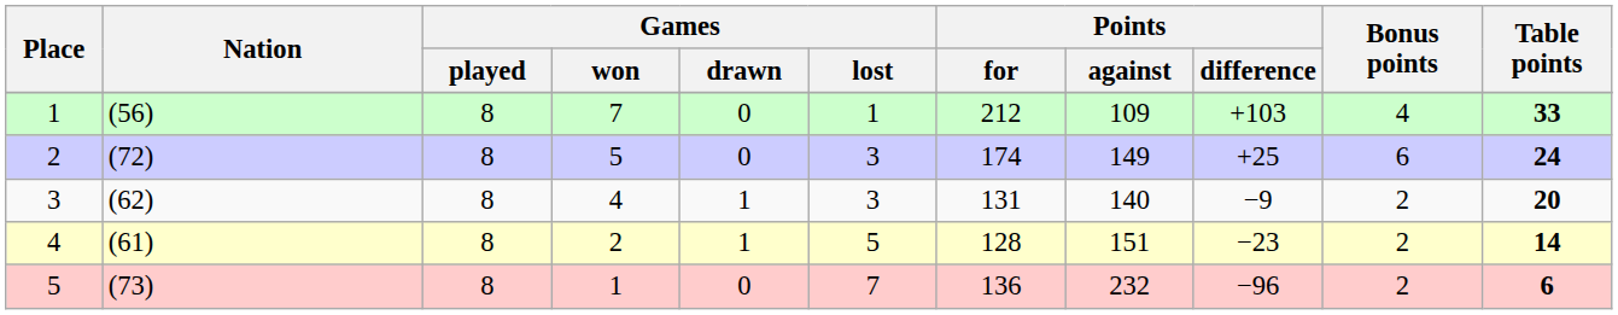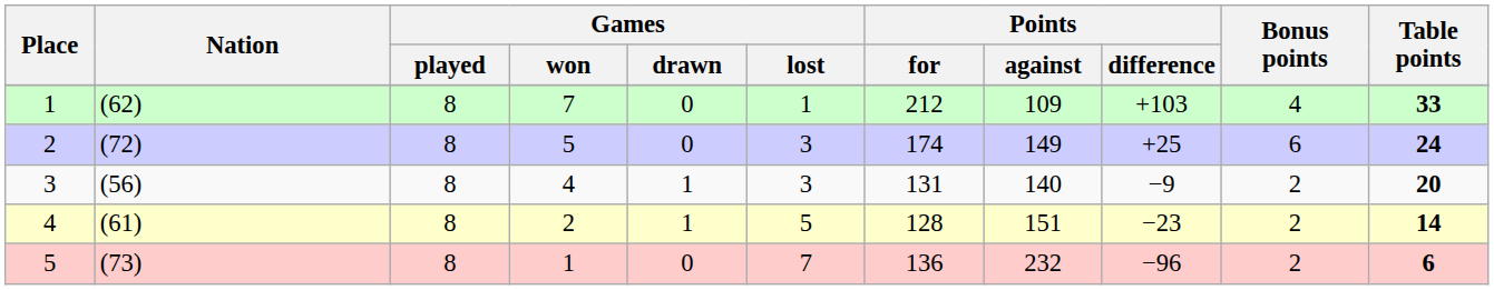 <table class="wikitable">
 <tr>
 <th rowspan=2 width="6%">Place</th>
 <th rowspan=2 width="20%">Nation</th>
 <th colspan=4 width="40%">Games</th>
 <th colspan=3 width="24%">Points</th>
 <th rowspan=2 width="10%">Bonus<br>points</th>
 <th rowspan=2 width="10%">Table<br>points</th>
 </tr>
 <tr>
 <th width="8%">played</th>
 <th width="8%">won</th>
 <th width="8%">drawn</th>
 <th width="8%">lost</th>
 <th width="8%">for</th>
 <th width="8%">against</th>
 <th width="8%">difference</th>
 </tr>
 <tr>
 </tr>
 <tr align=center bgcolor="#ccffcc">
 <td>1</td>
-<td align=left> (56)</td>
+<td align=left> (62)</td>
 <td>8</td>
 <td>7</td>
 <td>0</td>
 <td>1</td>
 <td>212</td>
 <td>109</td>
 <td>+103</td>
 <td>4</td>
 <td><strong>33</strong></td>
 </tr>
 <tr align=center bgcolor="#ccccff">
 <td>2</td>
 <td align=left> (72)</td>
 <td>8</td>
 <td>5</td>
 <td>0</td>
 <td>3</td>
 <td>174</td>
 <td>149</td>
 <td>+25</td>
 <td>6</td>
 <td><strong>24</strong></td>
 </tr>
 <tr align=center>
 <td>3</td>
-<td align=left> (62)</td>
+<td align=left> (56)</td>
 <td>8</td>
 <td>4</td>
 <td>1</td>
 <td>3</td>
 <td>131</td>
 <td>140</td>
 <td>−9</td>
 <td>2</td>
 <td><strong>20</strong></td>
 </tr>
 <tr align=center bgcolor="#ffffcc">
 <td>4</td>
 <td align=left> (61)</td>
 <td>8</td>
 <td>2</td>
 <td>1</td>
 <td>5</td>
 <td>128</td>
 <td>151</td>
 <td>−23</td>
 <td>2</td>
 <td><strong>14</strong></td>
 </tr>
 <tr align=center bgcolor="#ffcccc">
 <td>5</td>
 <td align=left> (73)</td>
 <td>8</td>
 <td>1</td>
 <td>0</td>
 <td>7</td>
 <td>136</td>
 <td>232</td>
 <td>−96</td>
 <td>2</td>
 <td><strong>6</strong></td>
 </tr>
 </table>
